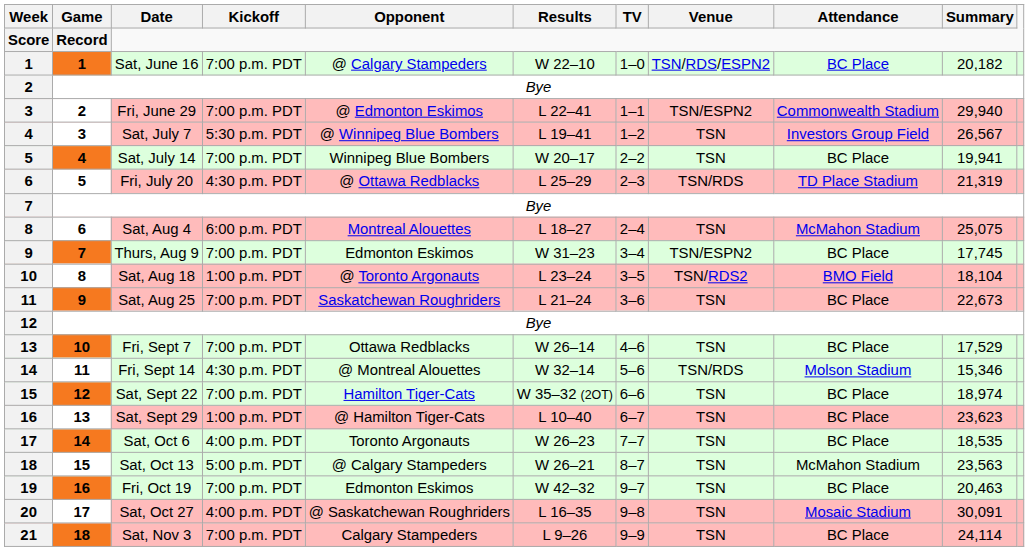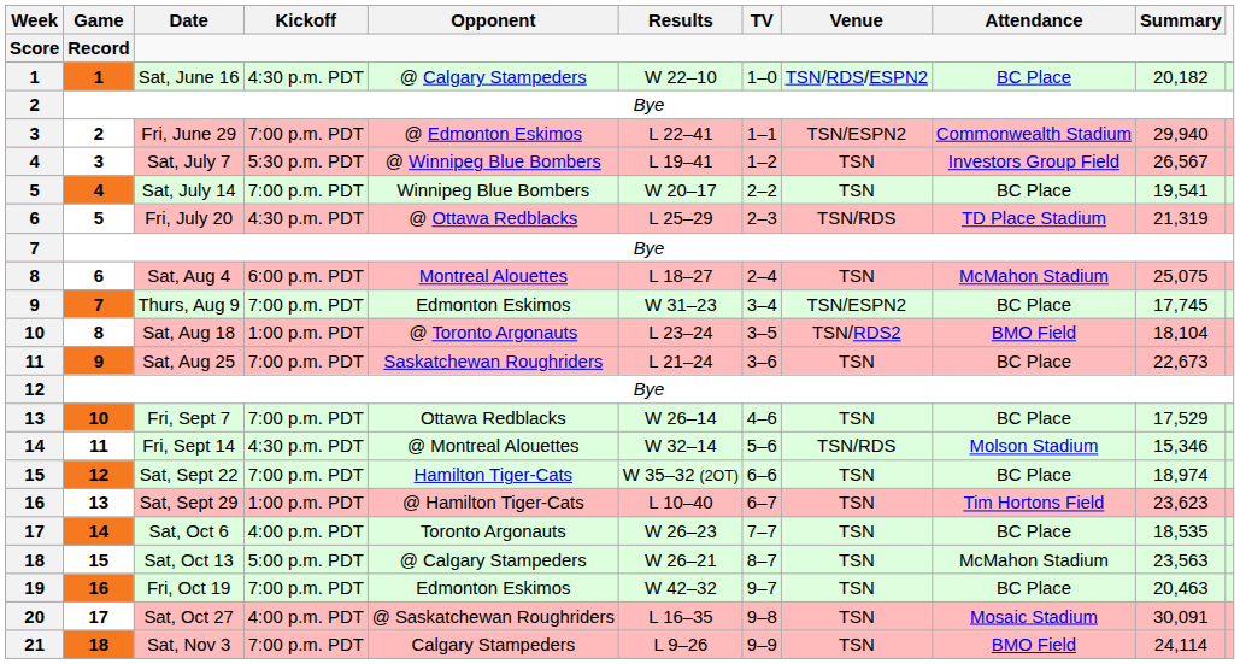 <table class="wikitable" style="font-size: 95%;">
 <tr>
 <th scope="col">Week</th>
 <th scope="col">Game</th>
 <th scope="col">Date</th>
 <th scope="col">Kickoff</th>
 <th scope="col">Opponent</th>
 <th scope="col">Results</th>
 <th scope="col">TV</th>
 <th scope="col">Venue</th>
 <th scope="col">Attendance</th>
 <th scope="col">Summary</th>
 </tr>
 <tr>
 <th scope="col">Score</th>
 <th scope="col">Record</th>
 </tr>
 <tr align="center" bgcolor="ddffdd">
 <th align="center"><strong>1</strong></th>
 <th style="text-align:center; background:#F6791F;"><span><strong>1</strong></span></th>
 <td align="center">Sat, June 16</td>
-<td align="center">7:00 p.m. PDT</td>
+<td align="center">4:30 p.m. PDT</td>
 <td align="center">@ <a href='#'>Calgary Stampeders</a></td>
 <td align="center">W 22–10</td>
 <td align="center">1–0</td>
 <td align="center"><a href='#'>TSN</a>/<a href='#'>RDS</a>/<a href='#'>ESPN2</a></td>
 <td align="center"><a href='#'>BC Place</a></td>
 <td align="center">20,182</td>
 <td align="center"></td>
 </tr>
 <tr align="center" bgcolor="#ffffff">
 <th align="center"><strong>2</strong></th>
 <td colspan=10 align="center" valign="middle"><em>Bye</em></td>
 </tr>
 <tr align="center" bgcolor="ffbbbb">
 <th align="center"><strong>3</strong></th>
 <th style="text-align:center; background:white;"><span><strong>2</strong></span></th>
 <td align="center">Fri, June 29</td>
 <td align="center">7:00 p.m. PDT</td>
 <td align="center">@ <a href='#'>Edmonton Eskimos</a></td>
 <td align="center">L 22–41</td>
 <td align="center">1–1</td>
 <td align="center">TSN/ESPN2</td>
 <td align="center"><a href='#'>Commonwealth Stadium</a></td>
 <td align="center">29,940</td>
 <td align="center"></td>
 </tr>
 <tr align="center" bgcolor="ffbbbb">
 <th align="center"><strong>4</strong></th>
 <th style="text-align:center; background:white;"><span><strong>3</strong></span></th>
 <td align="center">Sat, July 7</td>
 <td align="center">5:30 p.m. PDT</td>
 <td align="center">@ <a href='#'>Winnipeg Blue Bombers</a></td>
 <td align="center">L 19–41</td>
 <td align="center">1–2</td>
 <td align="center">TSN</td>
 <td align="center"><a href='#'>Investors Group Field</a></td>
 <td align="center">26,567</td>
 <td align="center"></td>
 </tr>
 <tr align="center" bgcolor="ddffdd">
 <th align="center"><strong>5</strong></th>
 <th style="text-align:center; background:#F6791F;"><span><strong>4</strong></span></th>
 <td align="center">Sat, July 14</td>
 <td align="center">7:00 p.m. PDT</td>
 <td align="center">Winnipeg Blue Bombers</td>
 <td align="center">W 20–17</td>
 <td align="center">2–2</td>
 <td align="center">TSN</td>
 <td align="center">BC Place</td>
-<td align="center">19,941</td>
+<td align="center">19,541</td>
 <td align="center"></td>
 </tr>
 <tr align="center" bgcolor="ffbbbb">
 <th align="center"><strong>6</strong></th>
 <th style="text-align:center; background:white;"><span><strong>5</strong></span></th>
 <td align="center">Fri, July 20</td>
 <td align="center">4:30 p.m. PDT</td>
 <td align="center">@ <a href='#'>Ottawa Redblacks</a></td>
 <td align="center">L 25–29</td>
 <td align="center">2–3</td>
 <td align="center">TSN/RDS</td>
 <td align="center"><a href='#'>TD Place Stadium</a></td>
 <td align="center">21,319</td>
 <td align="center"></td>
 </tr>
 <tr align="center" bgcolor="ffffff">
 <th align="center"><strong>7</strong></th>
 <td colspan=10 align="center" valign="middle"><em>Bye</em></td>
 </tr>
 <tr align="center" bgcolor="ffbbbb">
 <th align="center"><strong>8</strong></th>
 <th style="text-align:center; background:white;"><span><strong>6</strong></span></th>
 <td align="center">Sat, Aug 4</td>
 <td align="center">6:00 p.m. PDT</td>
 <td align="center"><a href='#'>Montreal Alouettes</a></td>
 <td align="center">L 18–27</td>
 <td align="center">2–4</td>
 <td align="center">TSN</td>
 <td align="center"><a href='#'>McMahon Stadium</a></td>
 <td align="center">25,075</td>
 <td align="center"></td>
 </tr>
 <tr align="center" bgcolor="ddffdd">
 <th align="center"><strong>9</strong></th>
 <th style="text-align:center; background:#F6791F;"><span><strong>7</strong></span></th>
 <td align="center">Thurs, Aug 9</td>
 <td align="center">7:00 p.m. PDT</td>
 <td align="center">Edmonton Eskimos</td>
 <td align="center">W 31–23</td>
 <td align="center">3–4</td>
 <td align="center">TSN/ESPN2</td>
 <td align="center">BC Place</td>
 <td align="center">17,745</td>
 <td align="center"></td>
 </tr>
 <tr align="center" bgcolor="ffbbbb">
 <th align="center"><strong>10</strong></th>
 <th style="text-align:center; background:white;"><span><strong>8</strong></span></th>
 <td align="center">Sat, Aug 18</td>
 <td align="center">1:00 p.m. PDT</td>
 <td align="center">@ <a href='#'>Toronto Argonauts</a></td>
 <td align="center">L 23–24</td>
 <td align="center">3–5</td>
 <td align="center">TSN/<a href='#'>RDS2</a></td>
 <td align="center"><a href='#'>BMO Field</a></td>
 <td align="center">18,104</td>
 <td align="center"></td>
 </tr>
 <tr align="center" bgcolor="ffbbbb">
 <th align="center"><strong>11</strong></th>
 <th style="text-align:center; background:#F6791F;"><span><strong>9</strong></span></th>
 <td align="center">Sat, Aug 25</td>
 <td align="center">7:00 p.m. PDT</td>
 <td align="center"><a href='#'>Saskatchewan Roughriders</a></td>
 <td align="center">L 21–24</td>
 <td align="center">3–6</td>
 <td align="center">TSN</td>
 <td align="center">BC Place</td>
 <td align="center">22,673</td>
 <td align="center"></td>
 </tr>
 <tr align="center" bgcolor="ffffff">
 <th align="center"><strong>12</strong></th>
 <td colspan=10 align="center" valign="middle"><em>Bye</em></td>
 </tr>
 <tr align="center" bgcolor="ddffdd">
 <th align="center"><strong>13</strong></th>
 <th style="text-align:center; background:#F6791F;"><span><strong>10</strong></span></th>
 <td align="center">Fri, Sept 7</td>
 <td align="center">7:00 p.m. PDT</td>
 <td align="center">Ottawa Redblacks</td>
 <td align="center">W 26–14</td>
 <td align="center">4–6</td>
 <td align="center">TSN</td>
 <td align="center">BC Place</td>
 <td align="center">17,529</td>
 <td align="center"></td>
 </tr>
 <tr align="center" bgcolor="ddffdd">
 <th align="center"><strong>14</strong></th>
 <th style="text-align:center; background:white;"><span><strong>11</strong></span></th>
 <td align="center">Fri, Sept 14</td>
 <td align="center">4:30 p.m. PDT</td>
 <td align="center">@ Montreal Alouettes</td>
 <td align="center">W 32–14</td>
 <td align="center">5–6</td>
 <td align="center">TSN/RDS</td>
 <td align="center"><a href='#'>Molson Stadium</a></td>
 <td align="center">15,346</td>
 <td align="center"></td>
 </tr>
 <tr align="center" bgcolor="ddffdd">
 <th align="center"><strong>15</strong></th>
 <th style="text-align:center; background:#F6791F;"><span><strong>12</strong></span></th>
 <td align="center">Sat, Sept 22</td>
 <td align="center">7:00 p.m. PDT</td>
 <td align="center"><a href='#'>Hamilton Tiger-Cats</a></td>
 <td align="center">W 35–32 <small>(2OT)</small></td>
 <td align="center">6–6</td>
 <td align="center">TSN</td>
 <td align="center">BC Place</td>
 <td align="center">18,974</td>
 <td align="center"></td>
 </tr>
 <tr align="center" bgcolor="ffbbbb">
 <th align="center"><strong>16</strong></th>
 <th style="text-align:center; background:white;"><span><strong>13</strong></span></th>
 <td align="center">Sat, Sept 29</td>
 <td align="center">1:00 p.m. PDT</td>
 <td align="center">@ Hamilton Tiger-Cats</td>
 <td align="center">L 10–40</td>
 <td align="center">6–7</td>
 <td align="center">TSN</td>
-<td align="center">BC Place</td>
+<td align="center"><a href='#'>Tim Hortons Field</a></td>
 <td align="center">23,623</td>
 <td align="center"></td>
 </tr>
 <tr align="center" bgcolor="ddffdd">
 <th align="center"><strong>17</strong></th>
 <th style="text-align:center; background:#F6791F;"><span><strong>14</strong></span></th>
 <td align="center">Sat, Oct 6</td>
 <td align="center">4:00 p.m. PDT</td>
 <td align="center">Toronto Argonauts</td>
 <td align="center">W 26–23</td>
 <td align="center">7–7</td>
 <td align="center">TSN</td>
 <td align="center">BC Place</td>
 <td align="center">18,535</td>
 <td align="center"></td>
 </tr>
 <tr align="center" bgcolor="ddffdd">
 <th align="center"><strong>18</strong></th>
 <th style="text-align:center; background:white;"><span><strong>15</strong></span></th>
 <td align="center">Sat, Oct 13</td>
 <td align="center">5:00 p.m. PDT</td>
 <td align="center">@ Calgary Stampeders</td>
 <td align="center">W 26–21</td>
 <td align="center">8–7</td>
 <td align="center">TSN</td>
 <td align="center">McMahon Stadium</td>
 <td align="center">23,563</td>
 <td align="center"></td>
 </tr>
 <tr align="center" bgcolor="ddffdd">
 <th align="center"><strong>19</strong></th>
 <th style="text-align:center; background:#F6791F;"><span><strong>16</strong></span></th>
 <td align="center">Fri, Oct 19</td>
 <td align="center">7:00 p.m. PDT</td>
 <td align="center">Edmonton Eskimos</td>
 <td align="center">W 42–32</td>
 <td align="center">9–7</td>
 <td align="center">TSN</td>
 <td align="center">BC Place</td>
 <td align="center">20,463</td>
 <td align="center"></td>
 </tr>
 <tr align="center" bgcolor="ffbbbb">
 <th align="center"><strong>20</strong></th>
 <th style="text-align:center; background:white;"><span><strong>17</strong></span></th>
 <td align="center">Sat, Oct 27</td>
 <td align="center">4:00 p.m. PDT</td>
 <td align="center">@ Saskatchewan Roughriders</td>
 <td align="center">L 16–35</td>
 <td align="center">9–8</td>
 <td align="center">TSN</td>
 <td align="center"><a href='#'>Mosaic Stadium</a></td>
 <td align="center">30,091</td>
 <td align="center"></td>
 </tr>
 <tr align="center" bgcolor="ffbbbb">
 <th align="center"><strong>21</strong></th>
 <th style="text-align:center; background:#F6791F;"><span><strong>18</strong></span></th>
 <td align="center">Sat, Nov 3</td>
 <td align="center">7:00 p.m. PDT</td>
 <td align="center">Calgary Stampeders</td>
 <td align="center">L 9–26</td>
 <td align="center">9–9</td>
 <td align="center">TSN</td>
-<td align="center">BC Place</td>
+<td align="center"><a href='#'>BMO Field</a></td>
 <td align="center">24,114</td>
 <td align="center"></td>
 </tr>
 </table>
